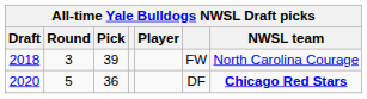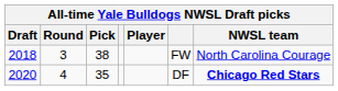 <table class="wikitable sortable" style="text-align: center;">
 <tr>
 <th colspan="7" style="background:#">All-time <a href='#'><span>Yale Bulldogs</span></a> NWSL Draft picks</th>
 </tr>
 <tr>
 <th scope="col">Draft</th>
 <th scope="col">Round</th>
 <th scope="col">Pick</th>
 <th scope="col"></th>
 <th scope="col">Player</th>
 <th scope="col"></th>
 <th scope="col">NWSL team</th>
 </tr>
 <tr>
 <td><a href='#'>2018</a></td>
 <td>3</td>
-<td>39</td>
+<td>38</td>
 <td></td>
 <td></td>
 <td>FW</td>
 <td><a href='#'>North Carolina Courage</a></td>
 </tr>
 <tr>
 <td><a href='#'>2020</a></td>
-<td>5</td>
-<td>36</td>
+<td>4</td>
+<td>35</td>
 <td></td>
 <td></td>
 <td>DF</td>
 <td><strong><a href='#'>Chicago Red Stars</a></strong></td>
 </tr>
 </table>
